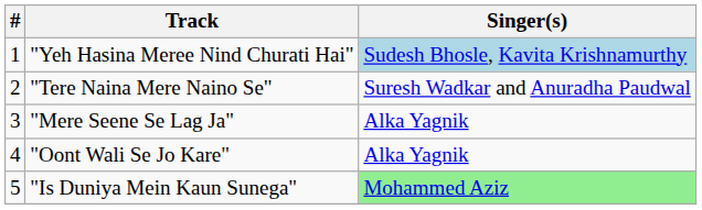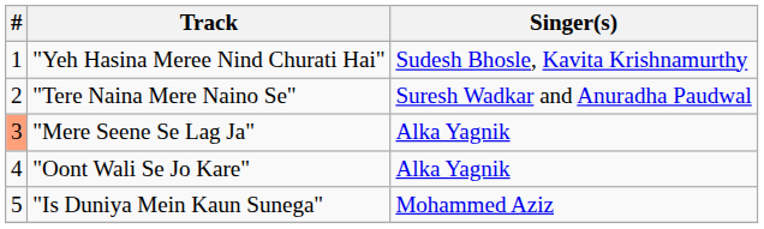 <table class="wikitable">
 <tr>
 <th>#</th>
 <th>Track</th>
 <th>Singer(s)</th>
 </tr>
 <tr>
 <td>1</td>
 <td>"Yeh Hasina Meree Nind Churati Hai"</td>
-<td style="background: lightblue;"><a href='#'>Sudesh Bhosle</a>, <a href='#'>Kavita Krishnamurthy</a></td>
+<td><a href='#'>Sudesh Bhosle</a>, <a href='#'>Kavita Krishnamurthy</a></td>
 </tr>
 <tr>
 <td>2</td>
 <td>"Tere Naina Mere Naino Se"</td>
 <td><a href='#'>Suresh Wadkar</a> and <a href='#'>Anuradha Paudwal</a></td>
 </tr>
 <tr>
-<td>3</td>
+<td style="background: lightsalmon;">3</td>
 <td>"Mere Seene Se Lag Ja"</td>
 <td><a href='#'>Alka Yagnik</a></td>
 </tr>
 <tr>
 <td>4</td>
 <td>"Oont Wali Se Jo Kare"</td>
 <td><a href='#'>Alka Yagnik</a></td>
 </tr>
 <tr>
 <td>5</td>
 <td>"Is Duniya Mein Kaun Sunega"</td>
-<td style="background: lightgreen;"><a href='#'>Mohammed Aziz</a></td>
+<td><a href='#'>Mohammed Aziz</a></td>
 </tr>
 <tr>
 </tr>
 </table>
